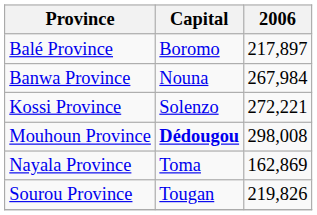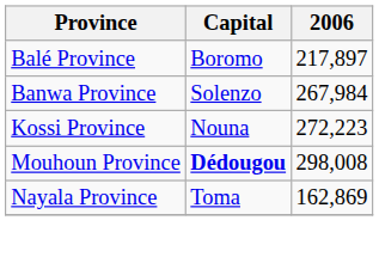 <table class="wikitable" | style="clear:right; float:right;">
 <tr>
 <th>Province</th>
 <th>Capital</th>
 <th>2006</th>
 </tr>
 <tr>
 <td><a href='#'>Balé Province</a></td>
 <td><a href='#'>Boromo</a></td>
 <td>217,897</td>
 </tr>
 <tr>
 <td><a href='#'>Banwa Province</a></td>
-<td><a href='#'>Nouna</a></td>
+<td><a href='#'>Solenzo</a></td>
 <td>267,984</td>
 </tr>
 <tr>
 <td><a href='#'>Kossi Province</a></td>
-<td><a href='#'>Solenzo</a></td>
-<td>272,221</td>
+<td><a href='#'>Nouna</a></td>
+<td>272,223</td>
 </tr>
 <tr>
 <td><a href='#'>Mouhoun Province</a></td>
 <td><strong><a href='#'>Dédougou</a></strong></td>
 <td>298,008</td>
 </tr>
 <tr>
 <td><a href='#'>Nayala Province</a></td>
 <td><a href='#'>Toma</a></td>
 <td>162,869</td>
 </tr>
 <tr>
-<td><a href='#'>Sourou Province</a></td>
-<td><a href='#'>Tougan</a></td>
-<td>219,826</td>
-</tr>
-<tr>
 </tr>
 </table>
